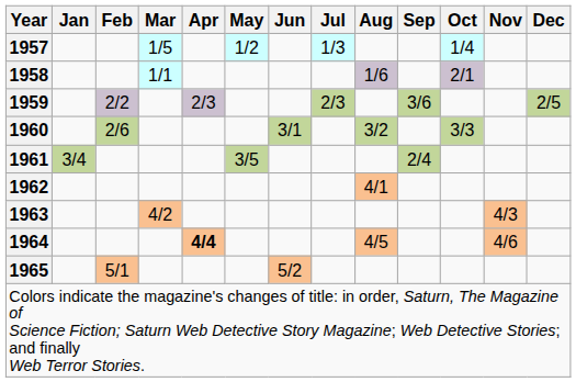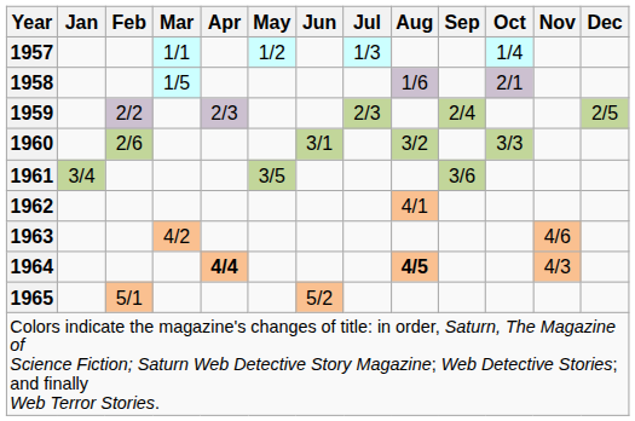 <table class="wikitable" style="font-size:95%; text-align:center; float:right; margin-left:1em;">
 <tr>
 <th scope="col" style="width: 2em;">Year</th>
 <th scope="col" style="width: 2em;">Jan</th>
 <th scope="col" style="width: 2em;">Feb</th>
 <th scope="col" style="width: 2em;">Mar</th>
 <th scope="col" style="width: 2em;">Apr</th>
 <th scope="col" style="width: 2em;">May</th>
 <th scope="col" style="width: 2em;">Jun</th>
 <th scope="col" style="width: 2em;">Jul</th>
 <th scope="col" style="width: 2em;">Aug</th>
 <th scope="col" style="width: 2em;">Sep</th>
 <th scope="col" style="width: 2em;">Oct</th>
 <th scope="col" style="width: 2em;">Nov</th>
 <th scope="col" style="width: 2em;">Dec</th>
 </tr>
 <tr>
 <th scope="row">1957</th>
 <td></td>
 <td></td>
-<td bgcolor="#ccffff">1/5</td>
+<td bgcolor="#ccffff">1/1</td>
 <td></td>
 <td bgcolor="#ccffff">1/2</td>
 <td></td>
 <td bgcolor="#ccffff">1/3</td>
 <td></td>
 <td></td>
 <td bgcolor="#ccffff">1/4</td>
 <td></td>
 <td></td>
 </tr>
 <tr>
 <th scope="row">1958</th>
 <td></td>
 <td></td>
-<td bgcolor="#ccffff">1/1</td>
+<td bgcolor="#ccffff">1/5</td>
 <td></td>
 <td></td>
 <td></td>
 <td></td>
 <td bgcolor="#ccc0d0">1/6</td>
 <td></td>
 <td bgcolor="#ccc0d0">2/1</td>
 <td></td>
 <td></td>
 </tr>
 <tr>
 <th scope="row">1959</th>
 <td></td>
 <td bgcolor="#ccc0d0">2/2</td>
 <td></td>
 <td bgcolor="#ccc0d0">2/3</td>
 <td></td>
 <td></td>
 <td bgcolor="#c2d69a">2/3</td>
 <td></td>
-<td bgcolor="#c2d69a">3/6</td>
+<td bgcolor="#c2d69a">2/4</td>
 <td></td>
 <td></td>
 <td bgcolor="#c2d69a">2/5</td>
 </tr>
 <tr>
 <th scope="row">1960</th>
 <td></td>
 <td bgcolor="#c2d69a">2/6</td>
 <td></td>
 <td></td>
 <td></td>
 <td bgcolor="#c2d69a">3/1</td>
 <td></td>
 <td bgcolor="#c2d69a">3/2</td>
 <td></td>
 <td bgcolor="#c2d69a">3/3</td>
 <td></td>
 <td></td>
 </tr>
 <tr>
 <th scope="row">1961</th>
 <td bgcolor="#c2d69a">3/4</td>
 <td></td>
 <td></td>
 <td></td>
 <td bgcolor="#c2d69a">3/5</td>
 <td></td>
 <td></td>
 <td></td>
-<td bgcolor="#c2d69a">2/4</td>
+<td bgcolor="#c2d69a">3/6</td>
 <td></td>
 <td></td>
 <td></td>
 </tr>
 <tr>
 <th scope="row">1962</th>
 <td></td>
 <td></td>
 <td></td>
 <td></td>
 <td></td>
 <td></td>
 <td></td>
 <td bgcolor="#fac090">4/1</td>
 <td></td>
 <td></td>
 <td></td>
 <td></td>
 </tr>
 <tr>
 <th scope="row">1963</th>
 <td></td>
 <td></td>
 <td bgcolor="#fac090">4/2</td>
 <td></td>
 <td></td>
 <td></td>
 <td></td>
 <td></td>
 <td></td>
 <td></td>
-<td bgcolor="#fac090">4/3</td>
+<td bgcolor="#fac090">4/6</td>
 <td></td>
 </tr>
 <tr>
 <th scope="row">1964</th>
 <td></td>
 <td></td>
 <td></td>
 <td bgcolor="#fac090"><strong>4/4</strong></td>
 <td></td>
 <td></td>
 <td></td>
-<td bgcolor="#fac090">4/5</td>
+<td bgcolor="#fac090"><strong>4/5</strong></td>
 <td></td>
 <td></td>
-<td bgcolor="#fac090">4/6</td>
+<td bgcolor="#fac090">4/3</td>
 <td></td>
 </tr>
 <tr>
 <th scope="row">1965</th>
 <td></td>
 <td bgcolor="#fac090">5/1</td>
 <td></td>
 <td></td>
 <td></td>
 <td bgcolor="#fac090">5/2</td>
 <td></td>
 <td></td>
 <td></td>
 <td></td>
 <td></td>
 <td></td>
 </tr>
 <tr>
 <td colspan="13" style="font-size:90%; text-align:left;">Colors indicate the magazine's changes of title: in order, <em>Saturn, The Magazine of<br>Science Fiction;</em> <em>Saturn Web Detective Story Magazine</em>; <em>Web Detective Stories</em>; and finally<br><em>Web Terror Stories</em>.</td>
 </tr>
 </table>
